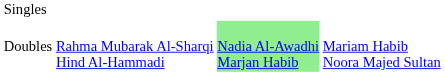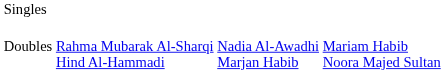 <table>
 <tr>
 <td>Singles</td>
 <td></td>
 <td></td>
 <td></td>
 </tr>
 <tr>
 <td>Doubles</td>
 <td><br><a href='#'>Rahma Mubarak Al-Sharqi</a><br><a href='#'>Hind Al-Hammadi</a></td>
-<td style="background: lightgreen;"><br><a href='#'>Nadia Al-Awadhi</a><br><a href='#'>Marjan Habib</a></td>
+<td><br><a href='#'>Nadia Al-Awadhi</a><br><a href='#'>Marjan Habib</a></td>
 <td><br><a href='#'>Mariam Habib</a><br><a href='#'>Noora Majed Sultan</a></td>
 </tr>
 </table>
